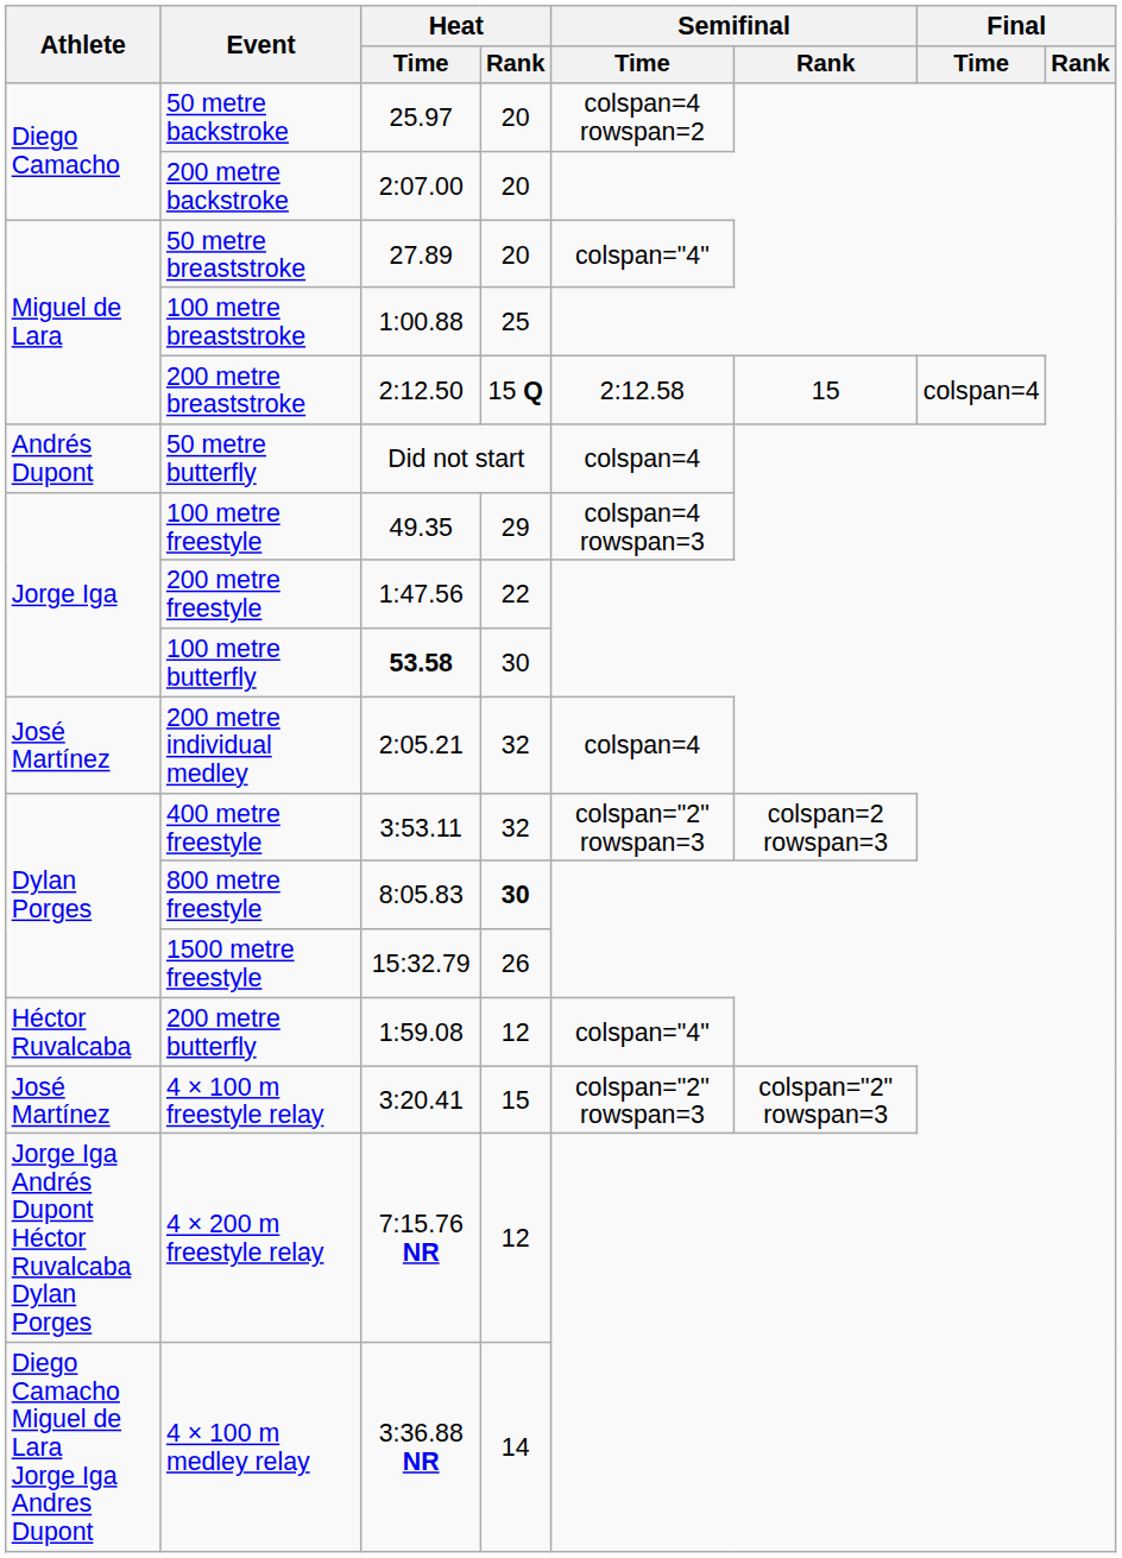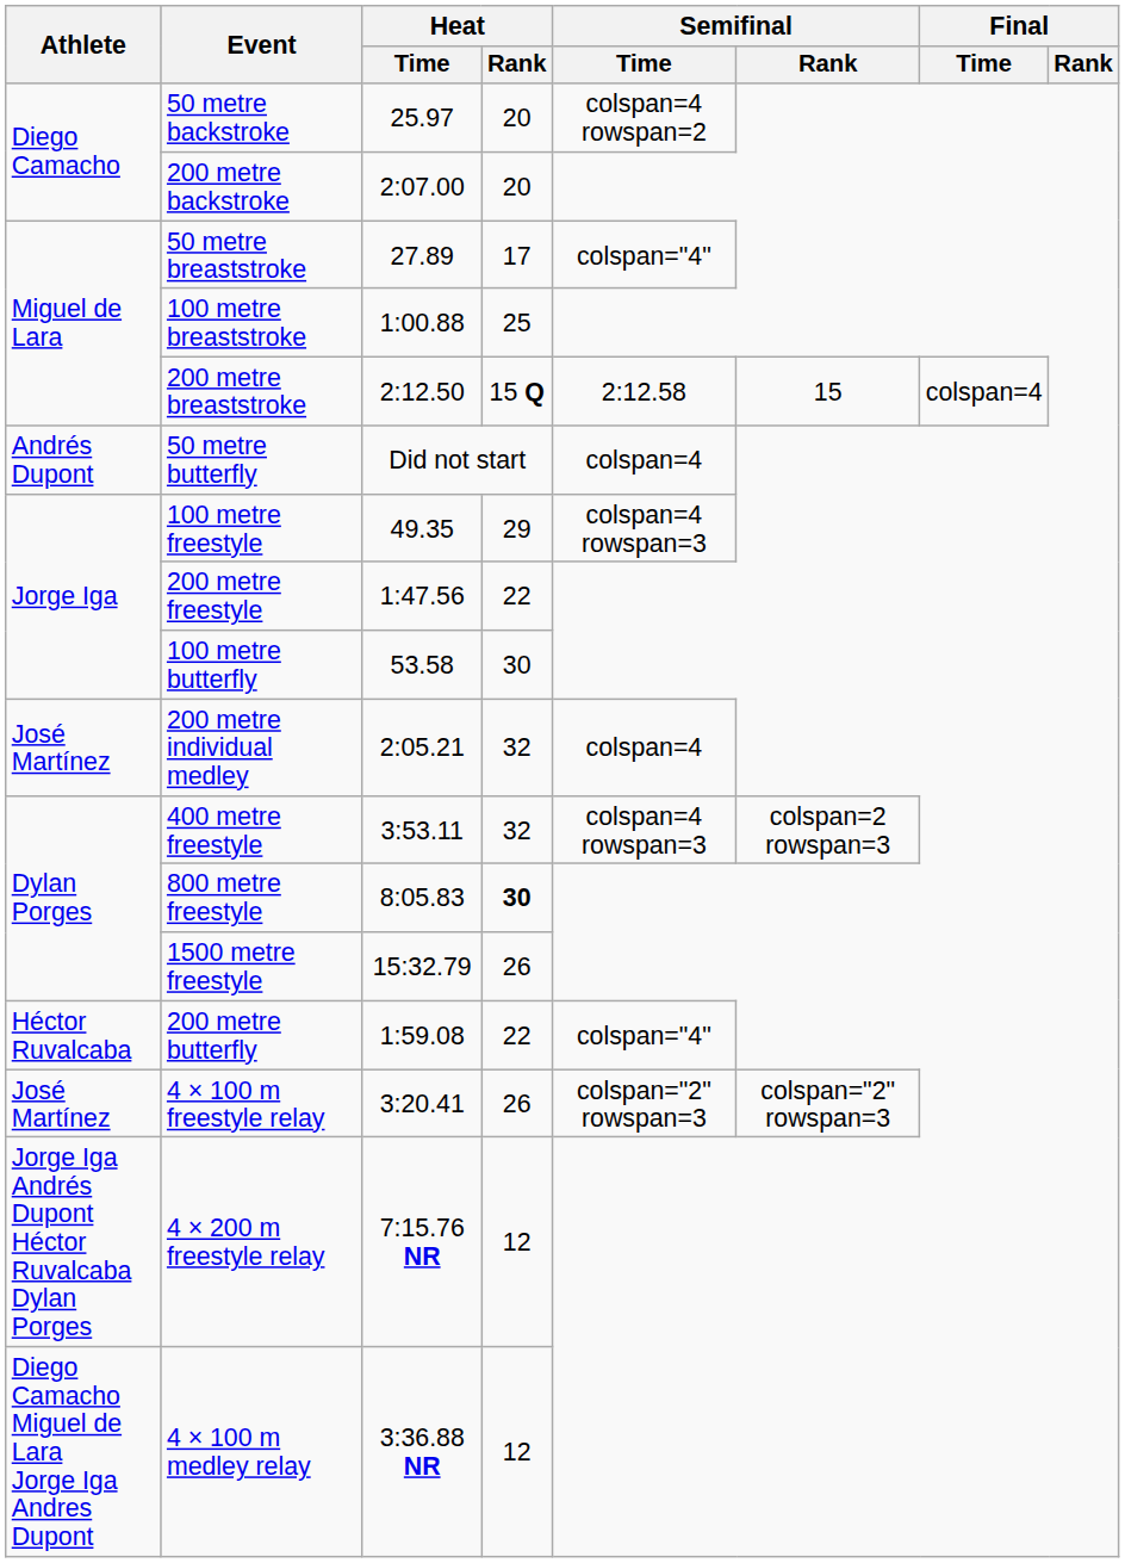 <table class="wikitable" style="text-align:center; font-size:90%; width:50%;">
 <tr>
 <th rowspan="2">Athlete</th>
 <th rowspan="2">Event</th>
 <th colspan="2">Heat</th>
 <th colspan="2">Semifinal</th>
 <th colspan="2">Final</th>
 </tr>
 <tr style="font-size:95%">
 <th>Time</th>
 <th>Rank</th>
 <th>Time</th>
 <th>Rank</th>
 <th>Time</th>
 <th>Rank</th>
 </tr>
 <tr align=center>
 <td align=left  rowspan=2><a href='#'>Diego Camacho</a></td>
 <td align=left><a href='#'>50 metre backstroke</a></td>
 <td>25.97</td>
 <td>20</td>
 <td>colspan=4 rowspan=2 </td>
 </tr>
 <tr align=center>
 <td align=left><a href='#'>200 metre backstroke</a></td>
 <td>2:07.00</td>
 <td>20</td>
 </tr>
 <tr align=center>
 <td align=left rowspan=3><a href='#'>Miguel de Lara</a></td>
 <td align=left><a href='#'>50 metre breaststroke</a></td>
 <td>27.89</td>
-<td>20</td>
+<td>17</td>
 <td>colspan="4" </td>
 </tr>
 <tr align=center>
 <td align=left><a href='#'>100 metre breaststroke</a></td>
 <td>1:00.88</td>
 <td>25</td>
 </tr>
 <tr align=center>
 <td align=left><a href='#'>200 metre breaststroke</a></td>
 <td>2:12.50</td>
 <td>15 <strong>Q</strong></td>
 <td>2:12.58</td>
 <td>15</td>
 <td>colspan=4 </td>
 </tr>
 <tr align=center>
 <td align=left><a href='#'>Andrés Dupont</a></td>
 <td align=left><a href='#'>50 metre butterfly</a></td>
 <td colspan=2>Did not start</td>
 <td>colspan=4 </td>
 </tr>
 <tr align=center>
 <td align=left rowspan=3><a href='#'>Jorge Iga</a></td>
 <td align=left><a href='#'>100 metre freestyle</a></td>
 <td>49.35</td>
 <td>29</td>
 <td>colspan=4 rowspan=3</td>
 </tr>
 <tr align=center>
 <td align=left><a href='#'>200 metre freestyle</a></td>
 <td>1:47.56</td>
 <td>22</td>
 </tr>
 <tr align=center>
 <td align=left><a href='#'>100 metre butterfly</a></td>
-<td><strong>53.58</strong></td>
+<td>53.58</td>
 <td>30</td>
 </tr>
 <tr align=center>
 <td align=left><a href='#'>José Martínez</a></td>
 <td align=left><a href='#'>200 metre individual medley</a></td>
 <td>2:05.21</td>
 <td>32</td>
 <td>colspan=4 </td>
 </tr>
 <tr align=center>
 <td align=left rowspan=3><a href='#'>Dylan Porges</a></td>
 <td align=left><a href='#'>400 metre freestyle</a></td>
 <td>3:53.11</td>
 <td>32</td>
-<td>colspan="2" rowspan=3 </td>
+<td>colspan=4 rowspan=3</td>
 <td>colspan=2 rowspan=3</td>
 </tr>
 <tr align=center>
 <td align=left><a href='#'>800 metre freestyle</a></td>
 <td>8:05.83</td>
 <td><strong>30</strong></td>
 </tr>
 <tr align=center>
 <td align=left><a href='#'>1500 metre freestyle</a></td>
 <td>15:32.79</td>
 <td>26</td>
 </tr>
 <tr align=center>
 <td align=left><a href='#'>Héctor Ruvalcaba</a></td>
 <td align=left><a href='#'>200 metre butterfly</a></td>
 <td>1:59.08</td>
-<td>12</td>
+<td>22</td>
 <td>colspan="4" </td>
 </tr>
 <tr align=center>
 <td align=left><a href='#'>José Martínez</a></td>
 <td align=left><a href='#'>4 × 100 m freestyle relay</a></td>
 <td>3:20.41</td>
-<td>15</td>
+<td>26</td>
 <td>colspan="2" rowspan=3 </td>
 <td>colspan="2" rowspan=3 </td>
 </tr>
 <tr align=center>
 <td align=left><a href='#'>Jorge Iga</a> <br><a href='#'>Andrés Dupont</a><br><a href='#'>Héctor Ruvalcaba</a> <br><a href='#'>Dylan Porges</a></td>
 <td align=left><a href='#'>4 × 200 m freestyle relay</a></td>
 <td>7:15.76 <strong><a href='#'>NR</a></strong></td>
 <td>12</td>
 </tr>
 <tr align=center>
 <td align=left><a href='#'>Diego Camacho</a>  <br><a href='#'>Miguel de Lara </a>  <br><a href='#'>Jorge Iga</a>  <br><a href='#'>Andres Dupont</a></td>
 <td align=left><a href='#'>4 × 100 m medley relay</a></td>
 <td>3:36.88 <strong><a href='#'>NR</a></strong></td>
-<td>14</td>
+<td>12</td>
 </tr>
 </table>
